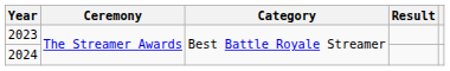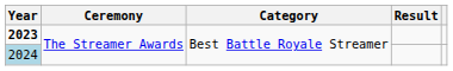 <table class="wikitable" style="text-align:center;">
 <tr>
 <th>Year</th>
 <th>Ceremony</th>
 <th>Category</th>
 <th>Result</th>
 <th></th>
 </tr>
 <tr>
-<td>2023</td>
+<td><strong>2023</strong></td>
 <td rowspan="2"><a href='#'>The Streamer Awards</a></td>
 <td rowspan="2">Best <a href='#'>Battle Royale</a> Streamer</td>
 <td></td>
 <td></td>
 </tr>
 <tr>
-<td>2024</td>
+<td style="background: lightblue;">2024</td>
 <td></td>
 <td></td>
 </tr>
 </table>
